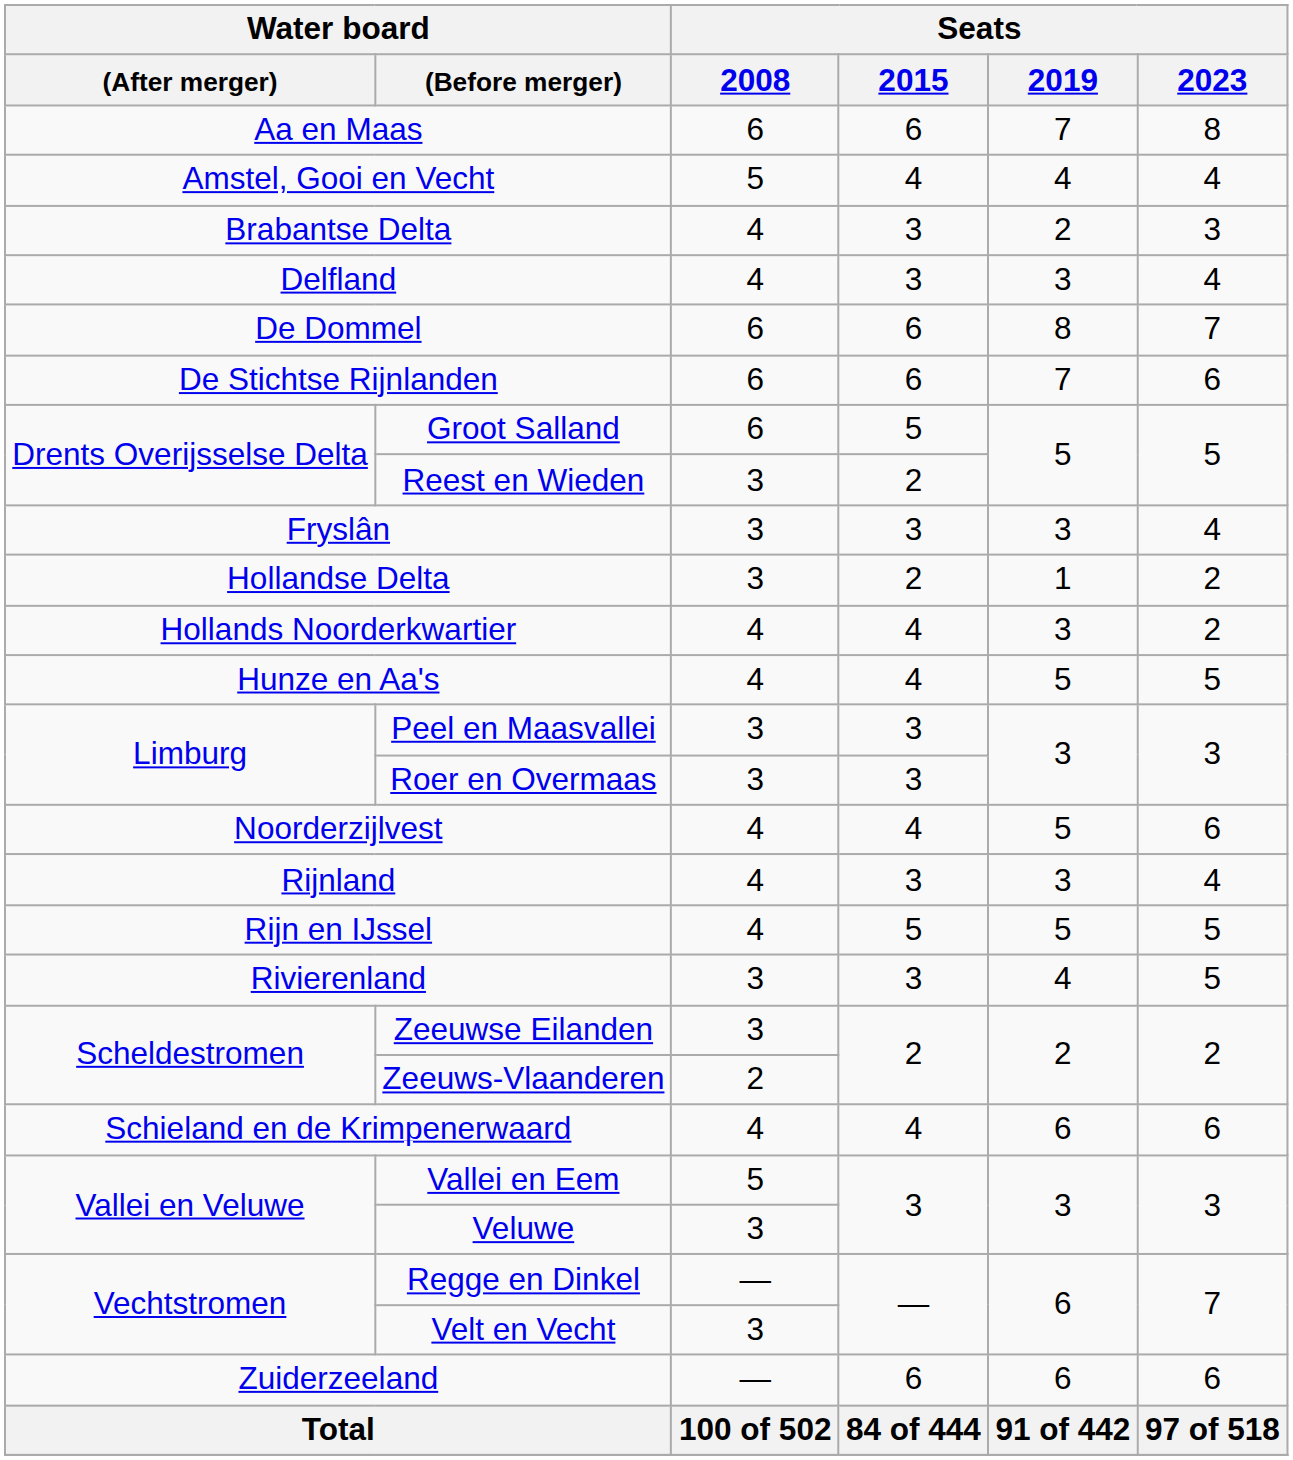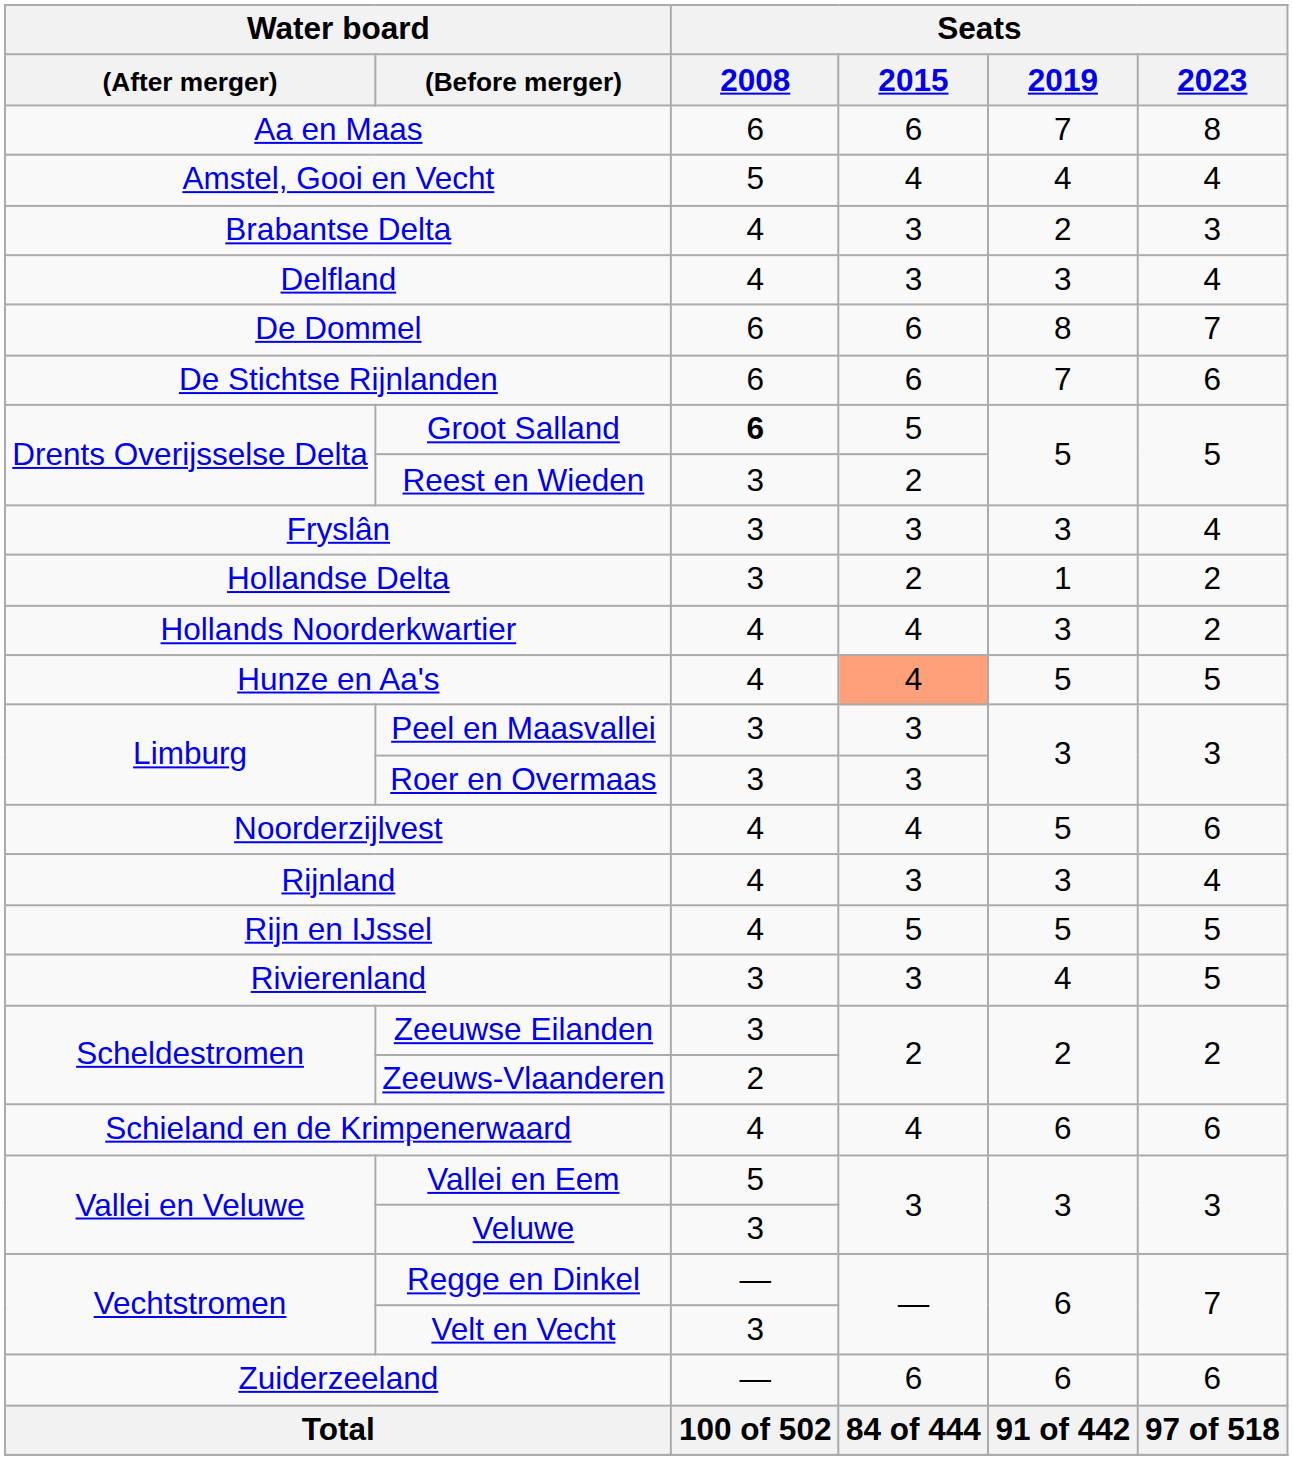 <table class="wikitable" style="text-align:center">
 <tr>
 <th colspan="2">Water board</th>
 <th colspan="4">Seats</th>
 </tr>
 <tr>
 <th><small>(After merger)</small></th>
 <th><small>(Before merger)</small></th>
 <th><a href='#'>2008</a></th>
 <th><a href='#'>2015</a></th>
 <th><a href='#'>2019</a></th>
 <th><a href='#'>2023</a></th>
 </tr>
 <tr>
 <td colspan="2"><a href='#'>Aa en Maas</a></td>
 <td>6</td>
 <td>6</td>
 <td>7</td>
 <td>8</td>
 </tr>
 <tr>
 <td colspan="2"><a href='#'>Amstel, Gooi en Vecht</a></td>
 <td>5</td>
 <td>4</td>
 <td>4</td>
 <td>4</td>
 </tr>
 <tr>
 <td colspan="2"><a href='#'>Brabantse Delta</a></td>
 <td>4</td>
 <td>3</td>
 <td>2</td>
 <td>3</td>
 </tr>
 <tr>
 <td colspan="2"><a href='#'>Delfland</a></td>
 <td>4</td>
 <td>3</td>
 <td>3</td>
 <td>4</td>
 </tr>
 <tr>
 <td colspan="2"><a href='#'>De Dommel</a></td>
 <td>6</td>
 <td>6</td>
 <td>8</td>
 <td>7</td>
 </tr>
 <tr>
 <td colspan="2"><a href='#'>De Stichtse Rijnlanden</a></td>
 <td>6</td>
 <td>6</td>
 <td>7</td>
 <td>6</td>
 </tr>
 <tr>
 <td rowspan="2"><a href='#'>Drents Overijsselse Delta</a></td>
 <td><a href='#'>Groot Salland</a></td>
-<td>6</td>
+<td><strong>6</strong></td>
 <td>5</td>
 <td rowspan="2">5</td>
 <td rowspan="2">5</td>
 </tr>
 <tr>
 <td><a href='#'>Reest en Wieden</a></td>
 <td>3</td>
 <td>2</td>
 </tr>
 <tr>
 <td colspan="2"><a href='#'>Fryslân</a></td>
 <td>3</td>
 <td>3</td>
 <td>3</td>
 <td>4</td>
 </tr>
 <tr>
 <td colspan="2"><a href='#'>Hollandse Delta</a></td>
 <td>3</td>
 <td>2</td>
 <td>1</td>
 <td>2</td>
 </tr>
 <tr>
 <td colspan="2"><a href='#'>Hollands Noorderkwartier</a></td>
 <td>4</td>
 <td>4</td>
 <td>3</td>
 <td>2</td>
 </tr>
 <tr>
 <td colspan="2"><a href='#'>Hunze en Aa's</a></td>
 <td>4</td>
-<td>4</td>
+<td style="background: lightsalmon;">4</td>
 <td>5</td>
 <td>5</td>
 </tr>
 <tr>
 <td rowspan="2"><a href='#'>Limburg</a></td>
 <td><a href='#'>Peel en Maasvallei</a></td>
 <td>3</td>
 <td>3</td>
 <td rowspan="2">3</td>
 <td rowspan="2">3</td>
 </tr>
 <tr>
 <td><a href='#'>Roer en Overmaas</a></td>
 <td>3</td>
 <td>3</td>
 </tr>
 <tr>
 <td colspan="2"><a href='#'>Noorderzijlvest</a></td>
 <td>4</td>
 <td>4</td>
 <td>5</td>
 <td>6</td>
 </tr>
 <tr>
 <td colspan="2"><a href='#'>Rijnland</a></td>
 <td>4</td>
 <td>3</td>
 <td>3</td>
 <td>4</td>
 </tr>
 <tr>
 <td colspan="2"><a href='#'>Rijn en IJssel</a></td>
 <td>4</td>
 <td>5</td>
 <td>5</td>
 <td>5</td>
 </tr>
 <tr>
 <td colspan="2"><a href='#'>Rivierenland</a></td>
 <td>3</td>
 <td>3</td>
 <td>4</td>
 <td>5</td>
 </tr>
 <tr>
 <td rowspan="2"><a href='#'>Scheldestromen</a></td>
 <td><a href='#'>Zeeuwse Eilanden</a></td>
 <td>3</td>
 <td rowspan="2">2</td>
 <td rowspan="2">2</td>
 <td rowspan="2">2</td>
 </tr>
 <tr>
 <td><a href='#'>Zeeuws-Vlaanderen</a></td>
 <td>2</td>
 </tr>
 <tr>
 <td colspan="2"><a href='#'>Schieland en de Krimpenerwaard</a></td>
 <td>4</td>
 <td>4</td>
 <td>6</td>
 <td>6</td>
 </tr>
 <tr>
 <td rowspan="2"><a href='#'>Vallei en Veluwe</a></td>
 <td><a href='#'>Vallei en Eem</a></td>
 <td>5</td>
 <td rowspan="2">3</td>
 <td rowspan="2">3</td>
 <td rowspan="2">3</td>
 </tr>
 <tr>
 <td><a href='#'>Veluwe</a></td>
 <td>3</td>
 </tr>
 <tr>
 <td rowspan="2"><a href='#'>Vechtstromen</a></td>
 <td><a href='#'>Regge en Dinkel</a></td>
 <td>—</td>
 <td rowspan="2">—</td>
 <td rowspan="2">6</td>
 <td rowspan="2">7</td>
 </tr>
 <tr>
 <td><a href='#'>Velt en Vecht</a></td>
 <td>3</td>
 </tr>
 <tr>
 <td colspan="2"><a href='#'>Zuiderzeeland</a></td>
 <td>—</td>
 <td>6</td>
 <td>6</td>
 <td>6</td>
 </tr>
 <tr>
 <th colspan="2">Total</th>
 <th>100 of 502</th>
 <th>84 of 444</th>
 <th>91 of 442</th>
 <th>97 of 518</th>
 </tr>
 <tr>
 </tr>
 </table>
